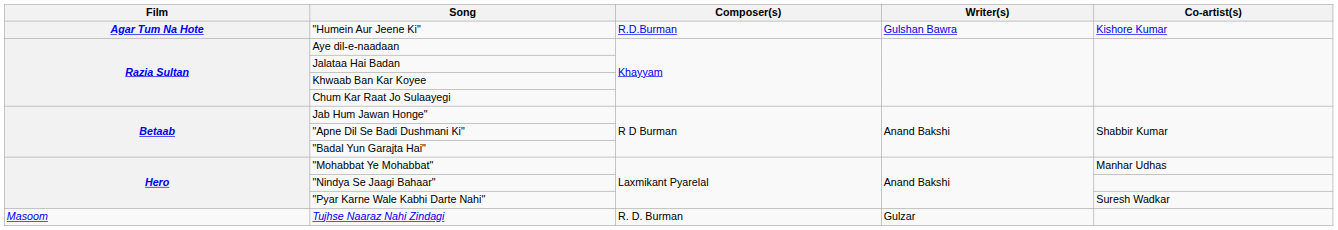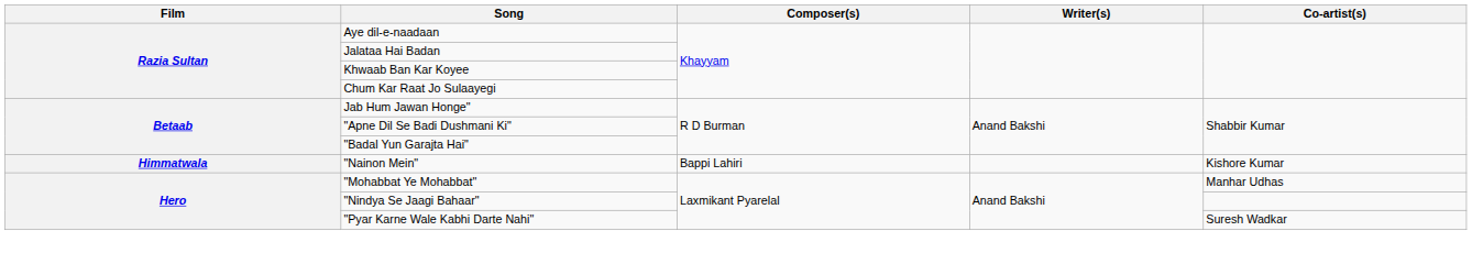 <table class="wikitable plainrowheaders" style="width:100%; textcolor:#000">
 <tr style="background:#b0e0e66;">
 <th scope="col" style="width:23%;"><strong>Film</strong></th>
 <th scope="col" style="width:23%;"><strong>Song</strong></th>
 <th scope="col" style="width:20%;"><strong>Composer(s)</strong></th>
 <th scope="col" style="width:16%;"><strong>Writer(s)</strong></th>
 <th scope="col" style="width:18%;"><strong>Co-artist(s)</strong></th>
-</tr>
-<tr>
-<th><em><a href='#'>Agar Tum Na Hote</a></em></th>
-<td>"Humein Aur Jeene Ki"</td>
-<td><a href='#'>R.D.Burman</a></td>
-<td><a href='#'>Gulshan Bawra</a></td>
-<td><a href='#'>Kishore Kumar</a></td>
 </tr>
 <tr>
 <th Rowspan=4><em><a href='#'>Razia Sultan</a></em></th>
 <td>Aye dil-e-naadaan</td>
 <td rowspan="4"><a href='#'>Khayyam</a></td>
 <td rowspan="4"></td>
 <td rowspan=4></td>
 </tr>
 <tr>
 <td>Jalataa Hai Badan</td>
 </tr>
 <tr>
 <td>Khwaab Ban Kar Koyee</td>
 </tr>
 <tr>
 <td>Chum Kar Raat Jo Sulaayegi</td>
 </tr>
 <tr>
 <th Rowspan=3><em><a href='#'>Betaab</a></em></th>
 <td>Jab Hum Jawan Honge"</td>
 <td rowspan=3>R D Burman</td>
 <td rowspan=3>Anand Bakshi</td>
 <td rowspan=3>Shabbir Kumar</td>
 </tr>
 <tr>
 <td>"Apne Dil Se Badi Dushmani Ki"</td>
 </tr>
 <tr>
 <td>"Badal Yun Garajta Hai"</td>
 </tr>
 <tr>
+<th><em><a href='#'>Himmatwala</a></em></th>
+<td>"Nainon Mein"</td>
+<td>Bappi Lahiri</td>
+<td></td>
+<td>Kishore Kumar</td>
+</tr>
+<tr>
 <th Rowspan=3><em><a href='#'>Hero</a></em></th>
 <td>"Mohabbat Ye Mohabbat"</td>
 <td rowspan=3>Laxmikant Pyarelal</td>
 <td rowspan=3>Anand Bakshi</td>
 <td>Manhar Udhas</td>
 </tr>
 <tr>
 <td>"Nindya Se Jaagi Bahaar"</td>
 <td></td>
 </tr>
 <tr>
 <td>"Pyar Karne Wale Kabhi Darte Nahi"</td>
 <td>Suresh Wadkar</td>
 </tr>
-<tr>
-<td><em><a href='#'>Masoom</a></em></td>
-<td><em><a href='#'>Tujhse Naaraz Nahi Zindagi</a></em></td>
-<td>R. D. Burman</td>
-<td>Gulzar</td>
-<td></td>
-</tr>
 </table>
